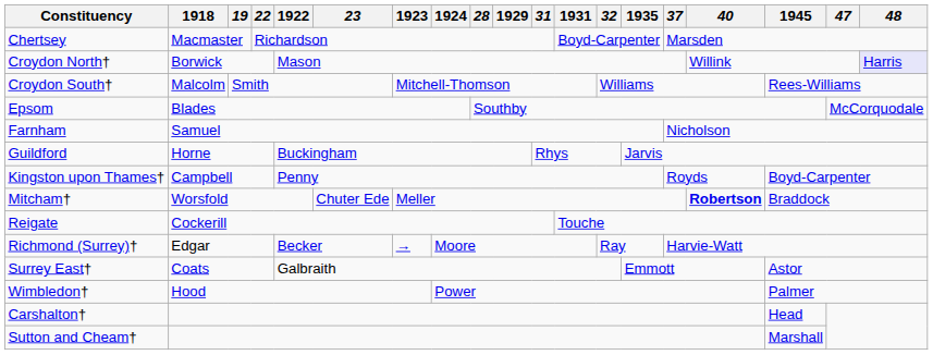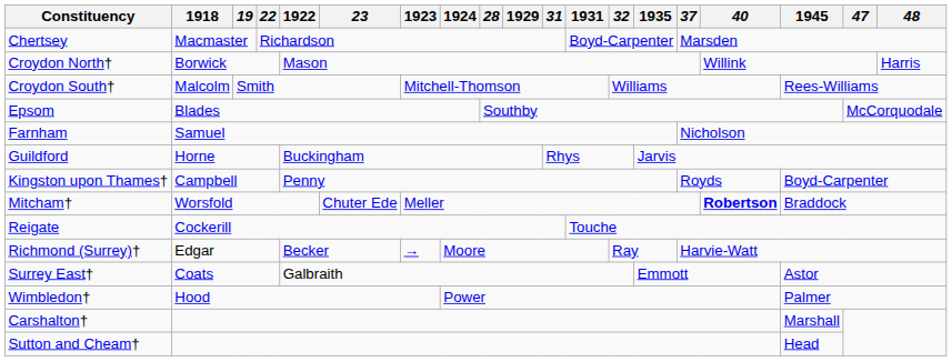 <table class="wikitable">
 <tr>
 <th>Constituency</th>
 <th>1918</th>
 <th><em>19</em></th>
 <th><em>22</em></th>
 <th>1922</th>
 <th><em>23</em></th>
 <th>1923</th>
 <th>1924</th>
 <th><em>28</em></th>
 <th>1929</th>
 <th><em>31</em></th>
 <th>1931</th>
 <th><em>32</em></th>
 <th>1935</th>
 <th><em>37</em></th>
 <th><em>40</em></th>
 <th>1945</th>
 <th><em>47</em></th>
 <th><em>48</em></th>
 </tr>
 <tr>
 <td><a href='#'>Chertsey</a></td>
 <td colspan="2"><a href='#'>Macmaster</a></td>
 <td colspan="8"><a href='#'>Richardson</a></td>
 <td colspan="3"><a href='#'>Boyd-Carpenter</a></td>
 <td colspan="5"><a href='#'>Marsden</a></td>
 </tr>
 <tr>
 <td><a href='#'>Croydon North</a>†</td>
 <td colspan="3"><a href='#'>Borwick</a></td>
 <td colspan="11"><a href='#'>Mason</a></td>
 <td colspan="3"><a href='#'>Willink</a></td>
-<td style="background: lavender;"><a href='#'>Harris</a></td>
+<td><a href='#'>Harris</a></td>
 </tr>
 <tr>
 <td><a href='#'>Croydon South</a>†</td>
 <td><a href='#'>Malcolm</a></td>
 <td colspan="4"><a href='#'>Smith</a></td>
 <td colspan="6"><a href='#'>Mitchell-Thomson</a></td>
 <td colspan="4"><a href='#'>Williams</a></td>
 <td colspan="3"><a href='#'>Rees-Williams</a></td>
 </tr>
 <tr>
 <td><a href='#'>Epsom</a></td>
 <td colspan="7"><a href='#'>Blades</a></td>
 <td colspan="9"><a href='#'>Southby</a></td>
 <td colspan="2"><a href='#'>McCorquodale</a></td>
 </tr>
 <tr>
 <td><a href='#'>Farnham</a></td>
 <td colspan="13"><a href='#'>Samuel</a></td>
 <td colspan="5"><a href='#'>Nicholson</a></td>
 </tr>
 <tr>
 <td><a href='#'>Guildford</a></td>
 <td colspan="3"><a href='#'>Horne</a></td>
 <td colspan="6"><a href='#'>Buckingham</a></td>
 <td colspan="3"><a href='#'>Rhys</a></td>
 <td colspan="6"><a href='#'>Jarvis</a></td>
 </tr>
 <tr>
 <td><a href='#'>Kingston upon Thames</a>†</td>
 <td colspan="3"><a href='#'>Campbell</a></td>
 <td colspan="10"><a href='#'>Penny</a></td>
 <td colspan="2"><a href='#'>Royds</a></td>
 <td colspan="3"><a href='#'>Boyd-Carpenter</a></td>
 </tr>
 <tr>
 <td><a href='#'>Mitcham</a>†</td>
 <td colspan="4"><a href='#'>Worsfold</a></td>
 <td><a href='#'>Chuter Ede</a></td>
 <td colspan="9"><a href='#'>Meller</a></td>
 <td><strong><a href='#'>Robertson</a></strong></td>
 <td colspan="3"><a href='#'>Braddock</a></td>
 </tr>
 <tr>
 <td><a href='#'>Reigate</a></td>
 <td colspan="10"><a href='#'>Cockerill</a></td>
 <td colspan="8"><a href='#'>Touche</a></td>
 </tr>
 <tr>
 <td><a href='#'>Richmond (Surrey)</a>†</td>
 <td colspan="3">Edgar</td>
 <td colspan="2"><a href='#'>Becker</a></td>
 <td><a href='#'>→</a></td>
 <td colspan="5"><a href='#'>Moore</a></td>
 <td colspan="2"><a href='#'>Ray</a></td>
 <td colspan="5"><a href='#'>Harvie-Watt</a></td>
 </tr>
 <tr>
 <td><a href='#'>Surrey East</a>†</td>
 <td colspan="3"><a href='#'>Coats</a></td>
 <td colspan="9">Galbraith</td>
 <td colspan="3"><a href='#'>Emmott</a></td>
 <td colspan="3"><a href='#'>Astor</a></td>
 </tr>
 <tr>
 <td><a href='#'>Wimbledon</a>†</td>
 <td colspan="6"><a href='#'>Hood</a></td>
 <td colspan="9"><a href='#'>Power</a></td>
 <td colspan="3"><a href='#'>Palmer</a></td>
 </tr>
 <tr>
 <td><a href='#'>Carshalton</a>†</td>
 <td colspan="15"></td>
-<td><a href='#'>Head</a></td>
+<td><a href='#'>Marshall</a></td>
 </tr>
 <tr>
 <td><a href='#'>Sutton and Cheam</a>†</td>
 <td colspan="15"></td>
-<td><a href='#'>Marshall</a></td>
+<td><a href='#'>Head</a></td>
 </tr>
 </table>
